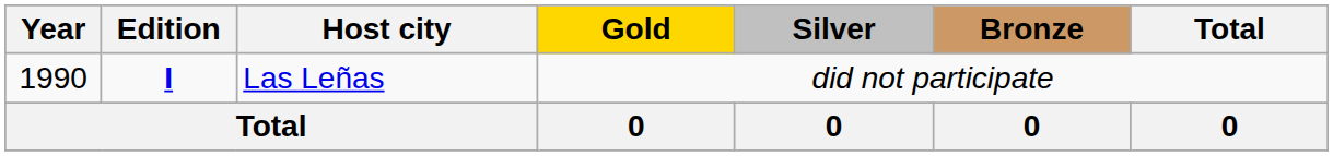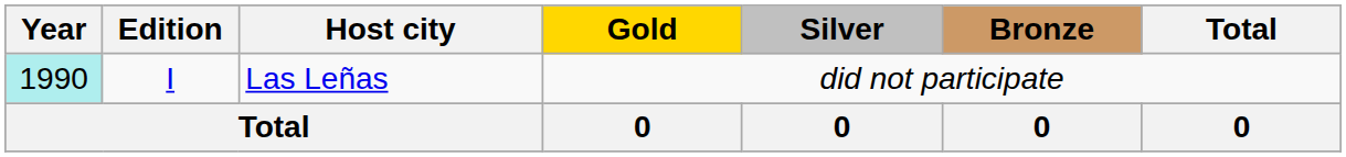 <table class="wikitable sortable" style="text-align:center;">
 <tr>
 <th scope="col"> Year </th>
 <th scope="col"> Edition </th>
 <th scope="col" style="width:150px;">Host city</th>
 <th scope="col" style="background:gold; width:6em;">Gold</th>
 <th scope="col" style="background:silver; width:6em;">Silver</th>
 <th scope="col" style="background:#cc9966; width:6em;">Bronze</th>
 <th scope="col" style="width:6em;">Total</th>
 </tr>
 <tr>
-<td><span>1990</span></td>
-<td><strong><a href='#'>I</a></strong></td>
+<td style="background: paleturquoise;"><span>1990</span></td>
+<td><a href='#'>I</a></td>
 <td align=left> <a href='#'>Las Leñas</a></td>
 <td colspan="4"><em>did not participate</em></td>
 </tr>
 <tr class="sortbottom">
 <th colspan=3>Total</th>
 <th>0</th>
 <th>0</th>
 <th>0</th>
 <th>0</th>
 </tr>
 </table>
